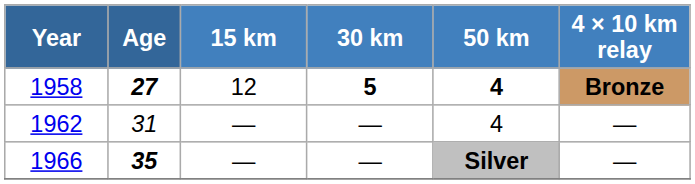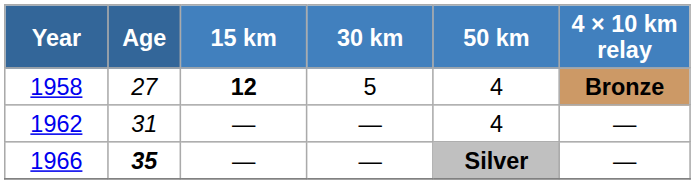 <table class="wikitable" style="font-size:95%; text-align:center; border:grey solid 1px; border-collapse:collapse; background:#ffffff;">
 <tr>
 <th style="background-color:#369; color:white; width:60px;"> Year </th>
 <th style="background-color:#369; color:white; width:40px;"> Age </th>
 <th style="background-color:#4180be; color:white; width:75px;"> 15 km </th>
 <th style="background-color:#4180be; color:white; width:75px;"> 30 km </th>
 <th style="background-color:#4180be; color:white; width:75px;"> 50 km </th>
 <th style="background-color:#4180be; color:white; width:75px;"> 4 × 10 km <br> relay </th>
 </tr>
 <tr>
 <td><a href='#'>1958</a></td>
-<td><strong><em>27</em></strong></td>
-<td>12</td>
-<td><strong>5</strong></td>
-<td><strong>4</strong></td>
+<td><em>27</em></td>
+<td><strong>12</strong></td>
+<td>5</td>
+<td>4</td>
 <td bgcolor="cc9966"><strong>Bronze</strong></td>
 </tr>
 <tr>
 <td><a href='#'>1962</a></td>
 <td><em>31</em></td>
 <td>—</td>
 <td>—</td>
 <td>4</td>
 <td>—</td>
 </tr>
 <tr>
 <td><a href='#'>1966</a></td>
 <td><strong><em>35</em></strong></td>
 <td>—</td>
 <td>—</td>
 <td style="background:silver;"><strong>Silver</strong></td>
 <td>—</td>
 </tr>
 <tr>
 </tr>
 </table>
